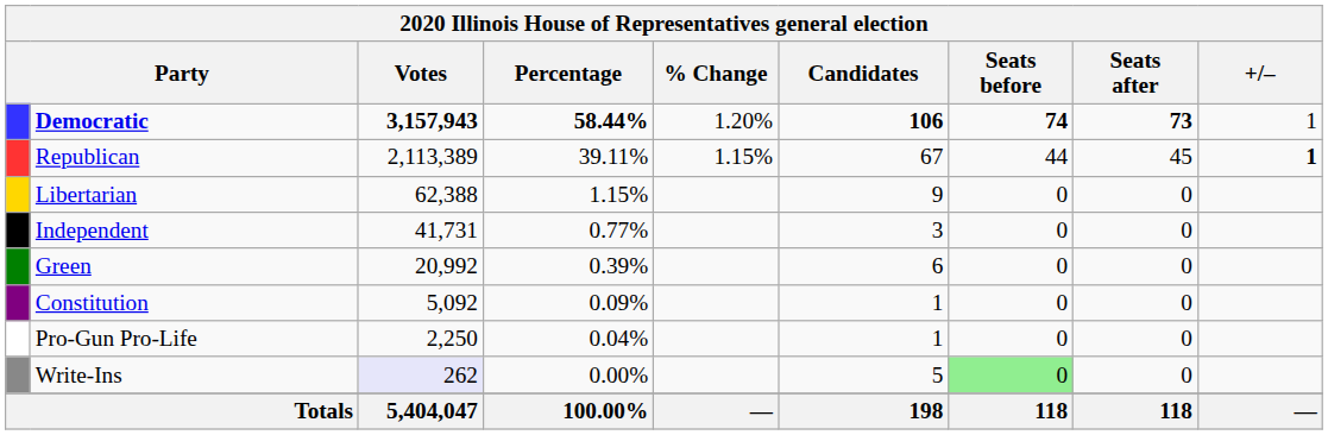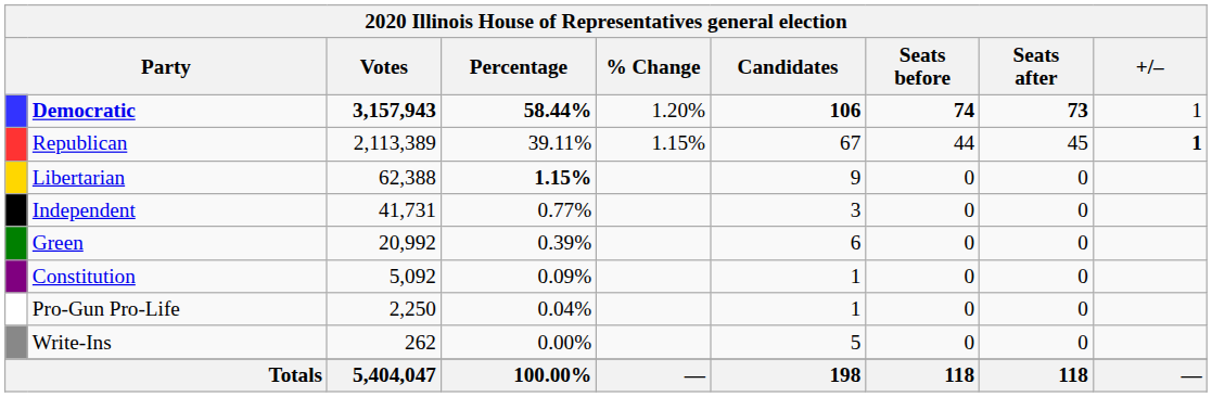 <table class="wikitable">
 <tr>
 <th colspan="9">2020 Illinois House of Representatives general election</th>
 </tr>
 <tr style="text-align:center">
 <th colspan=2 style="width: 15em">Party</th>
 <th style="width: 5em">Votes</th>
 <th style="width: 7em">Percentage</th>
 <th style="width: 5em">% Change</th>
 <th style="width: 7em">Candidates</th>
 <th style="width: 5em">Seats<br>before</th>
 <th style="width: 5em">Seats<br>after</th>
 <th style="width: 5em">+/–</th>
 </tr>
 <tr>
 <th style="background-color:#3333FF; width: 3px"></th>
 <td style="width: 130px" ><strong><a href='#'>Democratic</a></strong></td>
 <td align="right" ><strong>3,157,943</strong></td>
 <td align="right" ><strong>58.44%</strong></td>
 <td align="right">1.20%</td>
 <td align="right" ><strong>106</strong></td>
 <td align="right" ><strong>74</strong></td>
 <td align="right" ><strong>73</strong></td>
 <td align="right">1</td>
 </tr>
 <tr>
 <th style="background-color:#FF3333; width: 3px"></th>
 <td style="width: 130px"><a href='#'>Republican</a></td>
 <td style="text-align:right">2,113,389</td>
 <td style="text-align:right">39.11%</td>
 <td style="text-align:right">1.15%</td>
 <td style="text-align:right">67</td>
 <td style="text-align:right">44</td>
 <td style="text-align:right">45</td>
 <td align="right" ><strong>1</strong></td>
 </tr>
 <tr>
 <th style="background-color:gold; width: 3px"></th>
 <td style="width: 130px"><a href='#'>Libertarian</a></td>
 <td style="text-align:right">62,388</td>
-<td style="text-align:right">1.15%</td>
+<td style="text-align:right"><strong>1.15%</strong></td>
 <td style="text-align:right"></td>
 <td style="text-align:right">9</td>
 <td style="text-align:right">0</td>
 <td style="text-align:right">0</td>
 <td style="text-align:right"></td>
 </tr>
 <tr>
 <th style="background-color:black; width: 3px"></th>
 <td style="width: 130px"><a href='#'>Independent</a></td>
 <td style="text-align:right">41,731</td>
 <td style="text-align:right">0.77%</td>
 <td style="text-align:right"></td>
 <td style="text-align:right">3</td>
 <td style="text-align:right">0</td>
 <td style="text-align:right">0</td>
 <td style="text-align:right"></td>
 </tr>
 <tr>
 <th style="background-color:green; width: 3px"></th>
 <td style="width: 130px"><a href='#'>Green</a></td>
 <td style="text-align:right">20,992</td>
 <td style="text-align:right">0.39%</td>
 <td style="text-align:right"></td>
 <td style="text-align:right">6</td>
 <td style="text-align:right">0</td>
 <td style="text-align:right">0</td>
 <td style="text-align:right"></td>
 </tr>
 <tr>
 <th style="background-color:purple; width: 3px"></th>
 <td style="width: 130px"><a href='#'>Constitution</a></td>
 <td style="text-align:right">5,092</td>
 <td style="text-align:right">0.09%</td>
 <td style="text-align:right"></td>
 <td style="text-align:right">1</td>
 <td style="text-align:right">0</td>
 <td style="text-align:right">0</td>
 <td style="text-align:right"></td>
 </tr>
 <tr>
 <th style="background-color:white; width: 3px"></th>
 <td style="width: 130px">Pro-Gun Pro-Life</td>
 <td style="text-align:right">2,250</td>
 <td style="text-align:right">0.04%</td>
 <td style="text-align:right"></td>
 <td style="text-align:right">1</td>
 <td style="text-align:right">0</td>
 <td style="text-align:right">0</td>
 <td style="text-align:right"></td>
 </tr>
 <tr>
 <th style="background:#888; width:3px;"></th>
 <td style="width: 130px">Write-Ins</td>
-<td style="background: lavender; text-align:right">262</td>
+<td style="text-align:right">262</td>
 <td style="text-align:right">0.00%</td>
 <td style="text-align:right"></td>
 <td style="text-align:right">5</td>
-<td style="background: lightgreen; text-align:right">0</td>
+<td style="text-align:right">0</td>
 <td style="text-align:right">0</td>
 <td style="text-align:right"></td>
 </tr>
 <tr>
 </tr>
 <tr>
 <th colspan="2" style="text-align:right">Totals</th>
 <th style="text-align:right">5,404,047</th>
 <th style="text-align:right">100.00%</th>
 <th style="text-align:right">—</th>
 <th style="text-align:right">198</th>
 <th style="text-align:right">118</th>
 <th style="text-align:right">118</th>
 <th style="text-align:right">—</th>
 </tr>
 </table>
